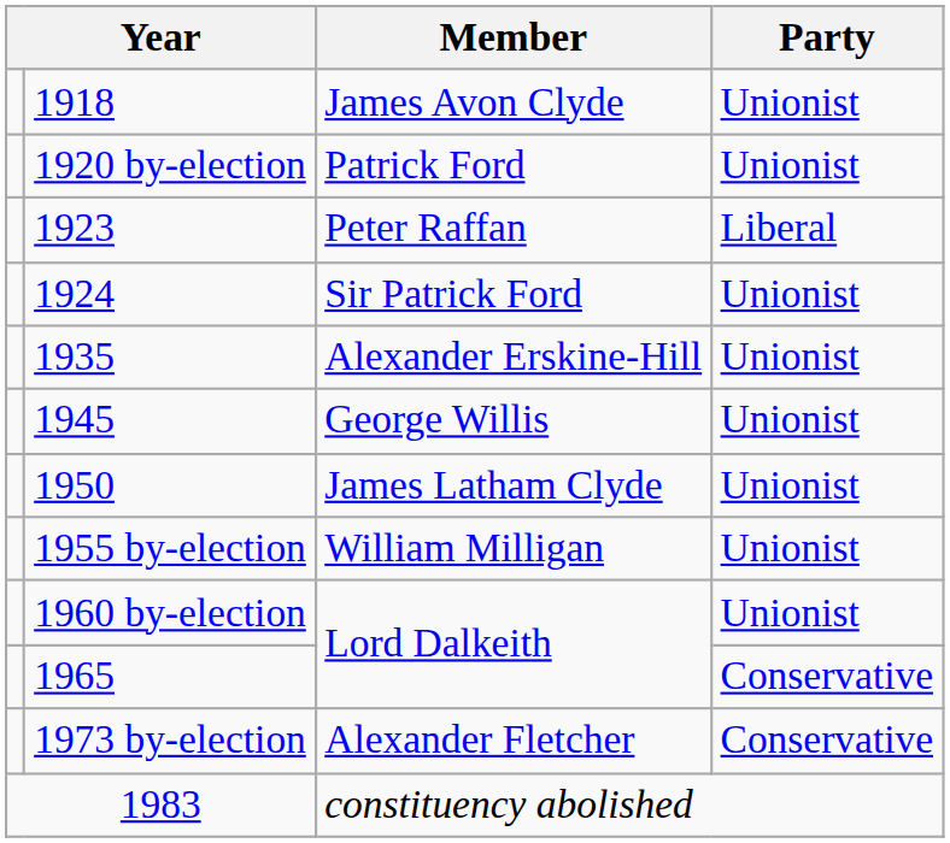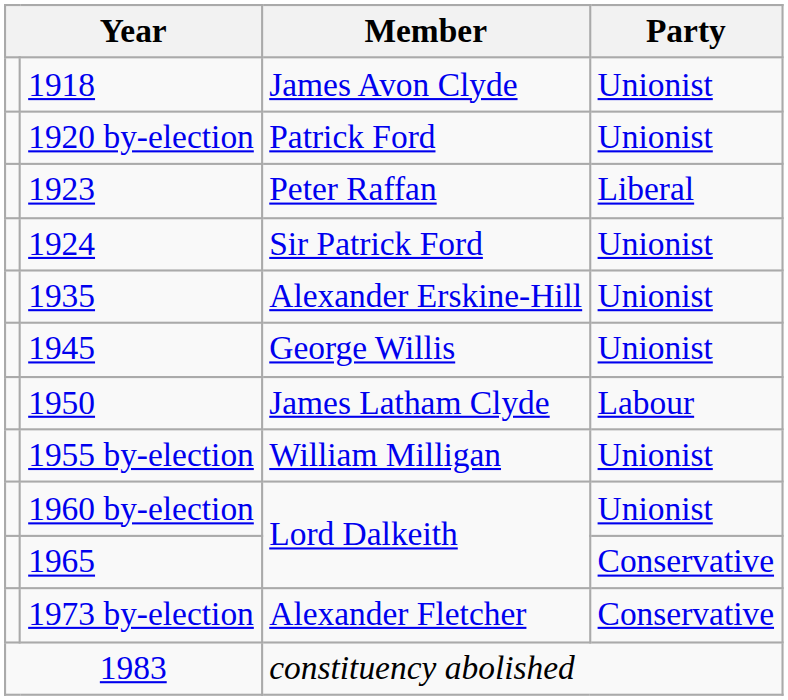 <table class="wikitable">
 <tr>
 <th colspan="2">Year</th>
 <th>Member</th>
 <th>Party</th>
 </tr>
 <tr>
 <td style="color:inherit;background-color: "></td>
 <td><a href='#'>1918</a></td>
 <td><a href='#'>James Avon Clyde</a></td>
 <td><a href='#'>Unionist</a></td>
 </tr>
 <tr>
 <td style="color:inherit;background-color: "></td>
 <td><a href='#'>1920 by-election</a></td>
 <td><a href='#'>Patrick Ford</a></td>
 <td><a href='#'>Unionist</a></td>
 </tr>
 <tr>
 <td style="color:inherit;background-color: "></td>
 <td><a href='#'>1923</a></td>
 <td><a href='#'>Peter Raffan</a></td>
 <td><a href='#'>Liberal</a></td>
 </tr>
 <tr>
 <td style="color:inherit;background-color: "></td>
 <td><a href='#'>1924</a></td>
 <td><a href='#'>Sir Patrick Ford</a></td>
 <td><a href='#'>Unionist</a></td>
 </tr>
 <tr>
 <td style="color:inherit;background-color: "></td>
 <td><a href='#'>1935</a></td>
 <td><a href='#'>Alexander Erskine-Hill</a></td>
 <td><a href='#'>Unionist</a></td>
 </tr>
 <tr>
 <td style="color:inherit;background-color: "></td>
 <td><a href='#'>1945</a></td>
 <td><a href='#'>George Willis</a></td>
 <td><a href='#'>Unionist</a></td>
 </tr>
 <tr>
 <td style="color:inherit;background-color: "></td>
 <td><a href='#'>1950</a></td>
 <td><a href='#'>James Latham Clyde</a></td>
-<td><a href='#'>Unionist</a></td>
+<td><a href='#'>Labour</a></td>
 </tr>
 <tr>
 <td style="color:inherit;background-color: "></td>
 <td><a href='#'>1955 by-election</a></td>
 <td><a href='#'>William Milligan</a></td>
 <td><a href='#'>Unionist</a></td>
 </tr>
 <tr>
 <td style="color:inherit;background-color: "></td>
 <td><a href='#'>1960 by-election</a></td>
 <td rowspan="2"><a href='#'>Lord Dalkeith</a></td>
 <td><a href='#'>Unionist</a></td>
 </tr>
 <tr>
 <td style="color:inherit;background-color: "></td>
 <td><a href='#'>1965</a></td>
 <td><a href='#'>Conservative</a></td>
 </tr>
 <tr>
 <td style="color:inherit;background-color: "></td>
 <td><a href='#'>1973 by-election</a></td>
 <td><a href='#'>Alexander Fletcher</a></td>
 <td><a href='#'>Conservative</a></td>
 </tr>
 <tr>
 <td colspan=2 align="center"><a href='#'>1983</a></td>
 <td colspan="2"><em>constituency abolished</em></td>
 </tr>
 </table>
